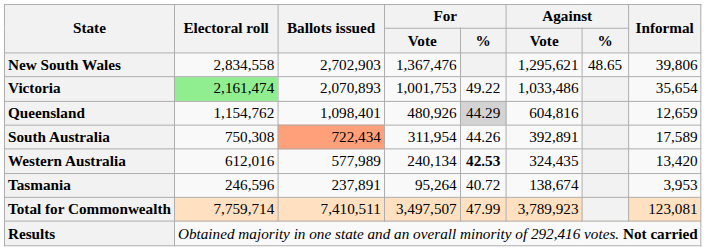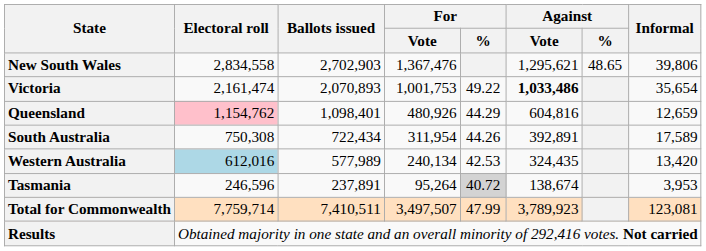 <table class="wikitable">
 <tr align=center>
 <th rowspan="2">State</th>
 <th rowspan="2">Electoral roll</th>
 <th rowspan="2">Ballots issued</th>
 <th align=center colspan="2">For</th>
 <th align=center colspan="2">Against</th>
 <th align=center rowspan="2">Informal</th>
 </tr>
 <tr>
 <th align=center>Vote</th>
 <th align=center>%</th>
 <th align=center>Vote</th>
 <th align=center>%</th>
 </tr>
 <tr align="right">
 <th style="text-align:left;">New South Wales</th>
 <td>2,834,558</td>
 <td>2,702,903</td>
 <td>1,367,476</td>
 <th></th>
 <td>1,295,621</td>
 <td align="center">48.65</td>
 <td>39,806</td>
 </tr>
 <tr align="right">
 <th style="text-align:left;">Victoria</th>
-<td style="background: lightgreen;">2,161,474</td>
+<td>2,161,474</td>
 <td>2,070,893</td>
 <td>1,001,753</td>
 <td align="center">49.22</td>
-<td>1,033,486</td>
+<td><strong>1,033,486</strong></td>
 <th></th>
 <td>35,654</td>
 </tr>
 <tr align="right">
 <th style="text-align:left;">Queensland</th>
-<td>1,154,762</td>
+<td style="background: pink;">1,154,762</td>
 <td>1,098,401</td>
 <td>480,926</td>
-<td align="center" style="background: lightgrey;">44.29</td>
+<td align="center">44.29</td>
 <td>604,816</td>
 <th></th>
 <td>12,659</td>
 </tr>
 <tr align="right">
 <th style="text-align:left;">South Australia</th>
 <td>750,308</td>
-<td style="background: lightsalmon;">722,434</td>
+<td>722,434</td>
 <td>311,954</td>
 <td align="center">44.26</td>
 <td>392,891</td>
 <th></th>
 <td>17,589</td>
 </tr>
 <tr align="right">
 <th style="text-align:left;">Western Australia</th>
-<td>612,016</td>
+<td style="background: lightblue;">612,016</td>
 <td>577,989</td>
 <td>240,134</td>
-<td align="center"><strong>42.53</strong></td>
+<td align="center">42.53</td>
 <td>324,435</td>
 <th></th>
 <td>13,420</td>
 </tr>
 <tr align="right">
 <th style="text-align:left;">Tasmania</th>
 <td>246,596</td>
 <td>237,891</td>
 <td>95,264</td>
-<td align="center">40.72</td>
+<td align="center" style="background: lightgrey;">40.72</td>
 <td>138,674</td>
 <th></th>
 <td>3,953</td>
 </tr>
 <tr bgcolor="#FFE0C0" align="right">
 <th style="text-align:left">Total for Commonwealth</th>
 <td>7,759,714</td>
 <td>7,410,511</td>
 <td>3,497,507</td>
 <td align="center">47.99</td>
 <td>3,789,923</td>
 <th></th>
 <td>123,081</td>
 </tr>
 <tr>
 <th style="text-align:left;">Results</th>
 <td colSpan="8"><em>Obtained majority in one state and an overall minority of 292,416 votes.</em> <strong>Not carried</strong></td>
 </tr>
 </table>
